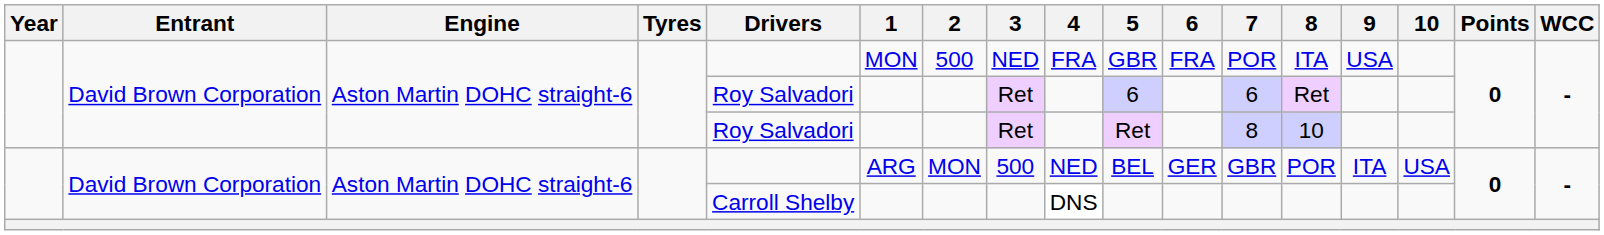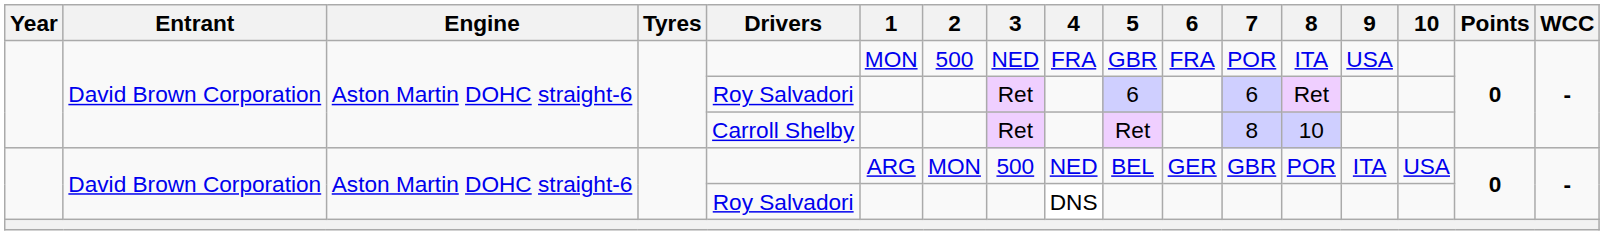 <table class="wikitable" style="text-align:center; font-size:95%">
 <tr>
 <th>Year</th>
 <th>Entrant</th>
 <th>Engine</th>
 <th>Tyres</th>
 <th>Drivers</th>
 <th>1</th>
 <th>2</th>
 <th>3</th>
 <th>4</th>
 <th>5</th>
 <th>6</th>
 <th>7</th>
 <th>8</th>
 <th>9</th>
 <th>10</th>
 <th>Points</th>
 <th>WCC</th>
 </tr>
 <tr>
 <td rowspan="3"></td>
 <td rowspan="3"><a href='#'>David Brown Corporation</a></td>
 <td rowspan="3"><a href='#'>Aston Martin</a> <a href='#'>DOHC</a> <a href='#'>straight-6</a></td>
 <td rowspan="3"></td>
 <td></td>
 <td><a href='#'>MON</a></td>
 <td><a href='#'>500</a></td>
 <td><a href='#'>NED</a></td>
 <td><a href='#'>FRA</a></td>
 <td><a href='#'>GBR</a></td>
 <td><a href='#'>FRA</a></td>
 <td><a href='#'>POR</a></td>
 <td><a href='#'>ITA</a></td>
 <td><a href='#'>USA</a></td>
 <td></td>
 <td rowspan="3"><strong>0</strong></td>
 <td rowspan="3"><strong>-</strong></td>
 </tr>
 <tr>
 <td><a href='#'>Roy Salvadori</a></td>
 <td></td>
 <td></td>
 <td style="background:#efcfff;">Ret</td>
 <td></td>
 <td style="background:#cfcfff;">6</td>
 <td></td>
 <td style="background:#cfcfff;">6</td>
 <td style="background:#efcfff;">Ret</td>
 <td></td>
 <td></td>
 </tr>
 <tr>
-<td><a href='#'>Roy Salvadori</a></td>
+<td><a href='#'>Carroll Shelby</a></td>
 <td></td>
 <td></td>
 <td style="background:#efcfff;">Ret</td>
 <td></td>
 <td style="background:#efcfff;">Ret</td>
 <td></td>
 <td style="background:#cfcfff;">8</td>
 <td style="background:#cfcfff;">10</td>
 <td></td>
 <td></td>
 </tr>
 <tr>
 <td rowspan="2"></td>
 <td rowspan="2"><a href='#'>David Brown Corporation</a></td>
 <td rowspan="2"><a href='#'>Aston Martin</a> <a href='#'>DOHC</a> <a href='#'>straight-6</a></td>
 <td rowspan="2"></td>
 <td></td>
 <td><a href='#'>ARG</a></td>
 <td><a href='#'>MON</a></td>
 <td><a href='#'>500</a></td>
 <td><a href='#'>NED</a></td>
 <td><a href='#'>BEL</a></td>
 <td><a href='#'>GER</a></td>
 <td><a href='#'>GBR</a></td>
 <td><a href='#'>POR</a></td>
 <td><a href='#'>ITA</a></td>
 <td><a href='#'>USA</a></td>
 <td rowspan="2"><strong>0</strong></td>
 <td rowspan="2"><strong>-</strong></td>
 </tr>
 <tr>
-<td><a href='#'>Carroll Shelby</a></td>
+<td><a href='#'>Roy Salvadori</a></td>
 <td></td>
 <td></td>
 <td></td>
 <td style="background:#ffffff;">DNS</td>
 <td></td>
 <td></td>
 <td></td>
 <td></td>
 <td></td>
 <td></td>
 </tr>
 <tr>
 <th colspan="17"></th>
 </tr>
 </table>
